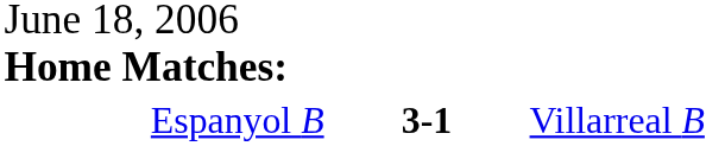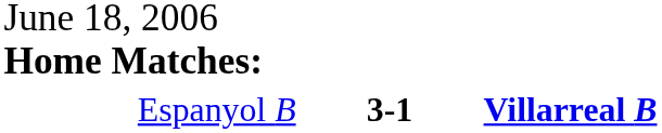 <table width=100% cellspacing=1>
 <tr>
 <th width=20%></th>
 <th width=12%></th>
 <th width=20%></th>
 <th></th>
 </tr>
 <tr>
 <td>June 18, 2006<br><strong>Home Matches:</strong></td>
 </tr>
 <tr style=font-size:90%>
 <td align=right><a href='#'>Espanyol <em>B</em></a></td>
 <td align=center><strong>3-1</strong></td>
-<td><a href='#'>Villarreal <em>B</em></a></td>
+<td><strong><a href='#'>Villarreal <em>B</em></a></strong></td>
 </tr>
 </table>
